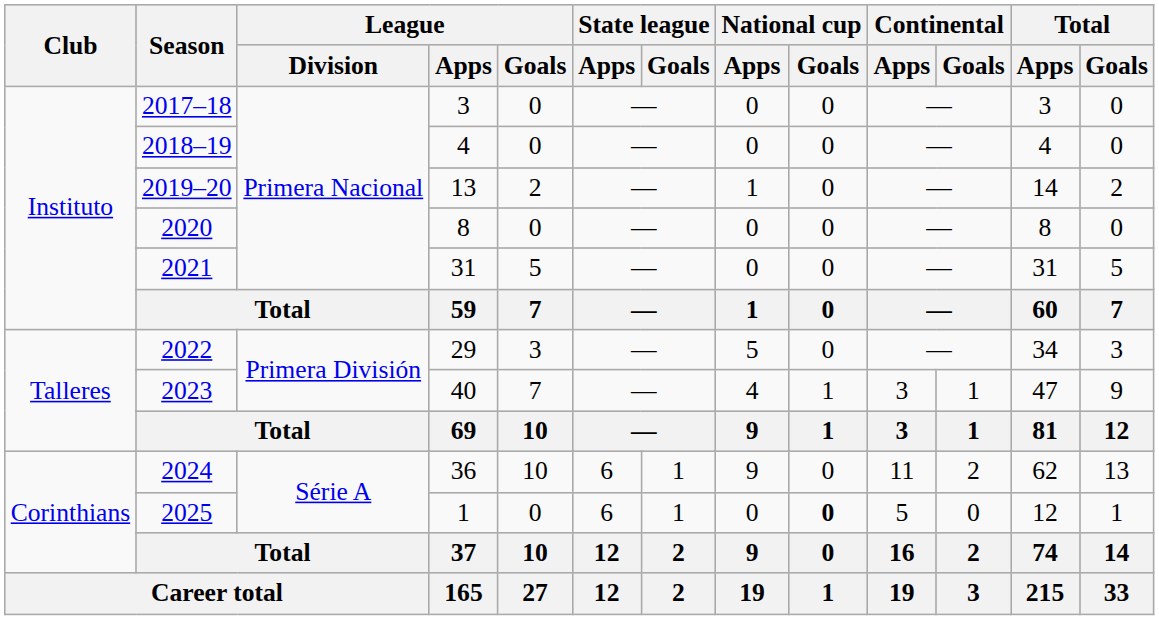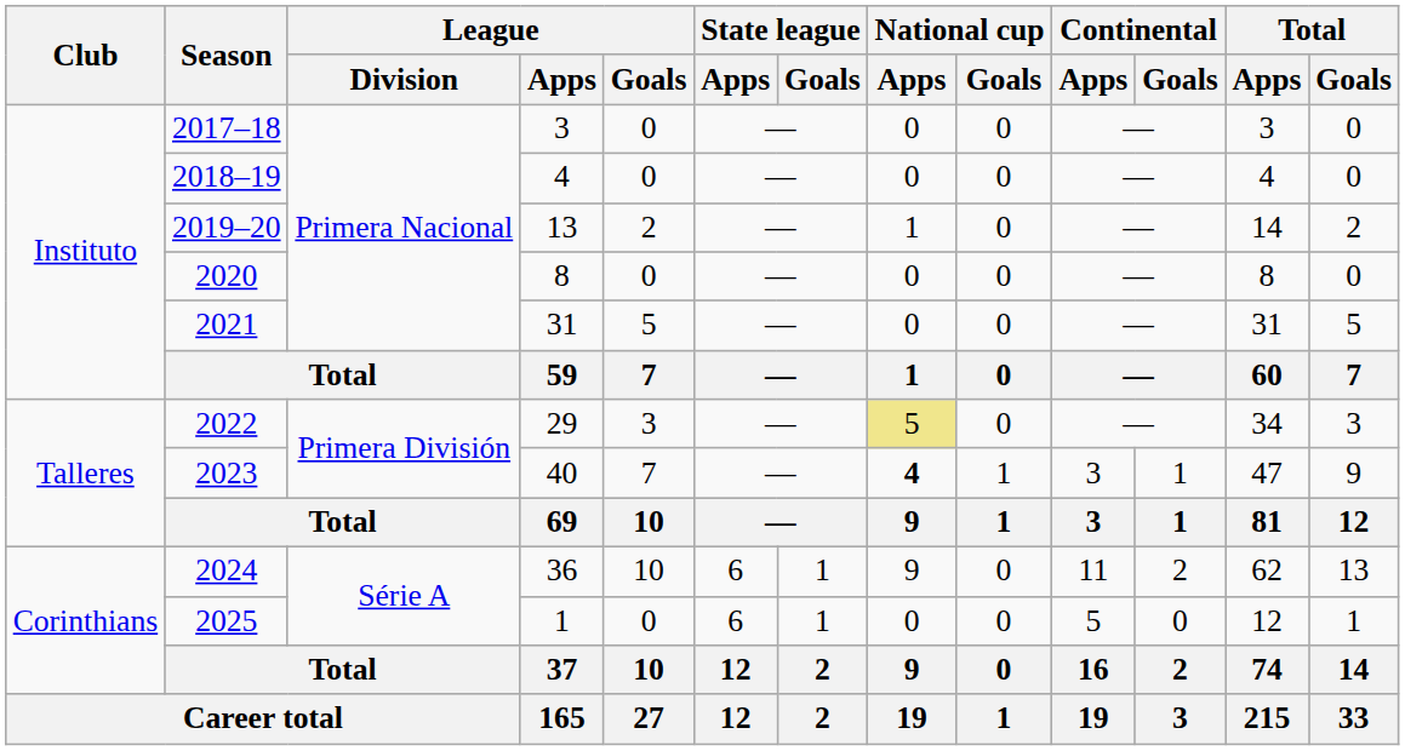 <table class="wikitable" style="text-align:center">
 <tr>
 <th rowspan="2">Club</th>
 <th rowspan="2">Season</th>
 <th colspan="3">League</th>
 <th colspan="2">State league</th>
 <th colspan="2">National cup</th>
 <th colspan="2">Continental</th>
 <th colspan="2">Total</th>
 </tr>
 <tr>
 <th>Division</th>
 <th>Apps</th>
 <th>Goals</th>
 <th>Apps</th>
 <th>Goals</th>
 <th>Apps</th>
 <th>Goals</th>
 <th>Apps</th>
 <th>Goals</th>
 <th>Apps</th>
 <th>Goals</th>
 </tr>
 <tr>
 <td rowspan="6"><a href='#'>Instituto</a></td>
 <td><a href='#'>2017–18</a></td>
 <td rowspan="5"><a href='#'>Primera Nacional</a></td>
 <td>3</td>
 <td>0</td>
 <td colspan="2">—</td>
 <td>0</td>
 <td>0</td>
 <td colspan="2">—</td>
 <td>3</td>
 <td>0</td>
 </tr>
 <tr>
 <td><a href='#'>2018–19</a></td>
 <td>4</td>
 <td>0</td>
 <td colspan="2">—</td>
 <td>0</td>
 <td>0</td>
 <td colspan="2">—</td>
 <td>4</td>
 <td>0</td>
 </tr>
 <tr>
 <td><a href='#'>2019–20</a></td>
 <td>13</td>
 <td>2</td>
 <td colspan="2">—</td>
 <td>1</td>
 <td>0</td>
 <td colspan="2">—</td>
 <td>14</td>
 <td>2</td>
 </tr>
 <tr>
 <td><a href='#'>2020</a></td>
 <td>8</td>
 <td>0</td>
 <td colspan="2">—</td>
 <td>0</td>
 <td>0</td>
 <td colspan="2">—</td>
 <td>8</td>
 <td>0</td>
 </tr>
 <tr>
 <td><a href='#'>2021</a></td>
 <td>31</td>
 <td>5</td>
 <td colspan="2">—</td>
 <td>0</td>
 <td>0</td>
 <td colspan="2">—</td>
 <td>31</td>
 <td>5</td>
 </tr>
 <tr>
 <th colspan="2">Total</th>
 <th>59</th>
 <th>7</th>
 <th colspan="2">—</th>
 <th>1</th>
 <th>0</th>
 <th colspan="2">—</th>
 <th>60</th>
 <th>7</th>
 </tr>
 <tr>
 <td rowspan="3"><a href='#'>Talleres</a></td>
 <td><a href='#'>2022</a></td>
 <td rowspan="2"><a href='#'>Primera División</a></td>
 <td>29</td>
 <td>3</td>
 <td colspan="2">—</td>
-<td>5</td>
+<td style="background: khaki;">5</td>
 <td>0</td>
 <td colspan="2">—</td>
 <td>34</td>
 <td>3</td>
 </tr>
 <tr>
 <td><a href='#'>2023</a></td>
 <td>40</td>
 <td>7</td>
 <td colspan="2">—</td>
-<td>4</td>
+<td><strong>4</strong></td>
 <td>1</td>
 <td>3</td>
 <td>1</td>
 <td>47</td>
 <td>9</td>
 </tr>
 <tr>
 <th colspan="2">Total</th>
 <th>69</th>
 <th>10</th>
 <th colspan="2">—</th>
 <th>9</th>
 <th>1</th>
 <th>3</th>
 <th>1</th>
 <th>81</th>
 <th>12</th>
 </tr>
 <tr>
 <td rowspan="3"><a href='#'>Corinthians</a></td>
 <td><a href='#'>2024</a></td>
 <td rowspan="2"><a href='#'>Série A</a></td>
 <td>36</td>
 <td>10</td>
 <td>6</td>
 <td>1</td>
 <td>9</td>
 <td>0</td>
 <td>11</td>
 <td>2</td>
 <td>62</td>
 <td>13</td>
 </tr>
 <tr>
 <td><a href='#'>2025</a></td>
 <td>1</td>
 <td>0</td>
 <td>6</td>
 <td>1</td>
 <td>0</td>
-<td><strong>0</strong></td>
+<td>0</td>
 <td>5</td>
 <td>0</td>
 <td>12</td>
 <td>1</td>
 </tr>
 <tr>
 <th colspan="2">Total</th>
 <th>37</th>
 <th>10</th>
 <th>12</th>
 <th>2</th>
 <th>9</th>
 <th>0</th>
 <th>16</th>
 <th>2</th>
 <th>74</th>
 <th>14</th>
 </tr>
 <tr>
 <th colspan="3">Career total</th>
 <th>165</th>
 <th>27</th>
 <th>12</th>
 <th>2</th>
 <th>19</th>
 <th>1</th>
 <th>19</th>
 <th>3</th>
 <th>215</th>
 <th>33</th>
 </tr>
 </table>
